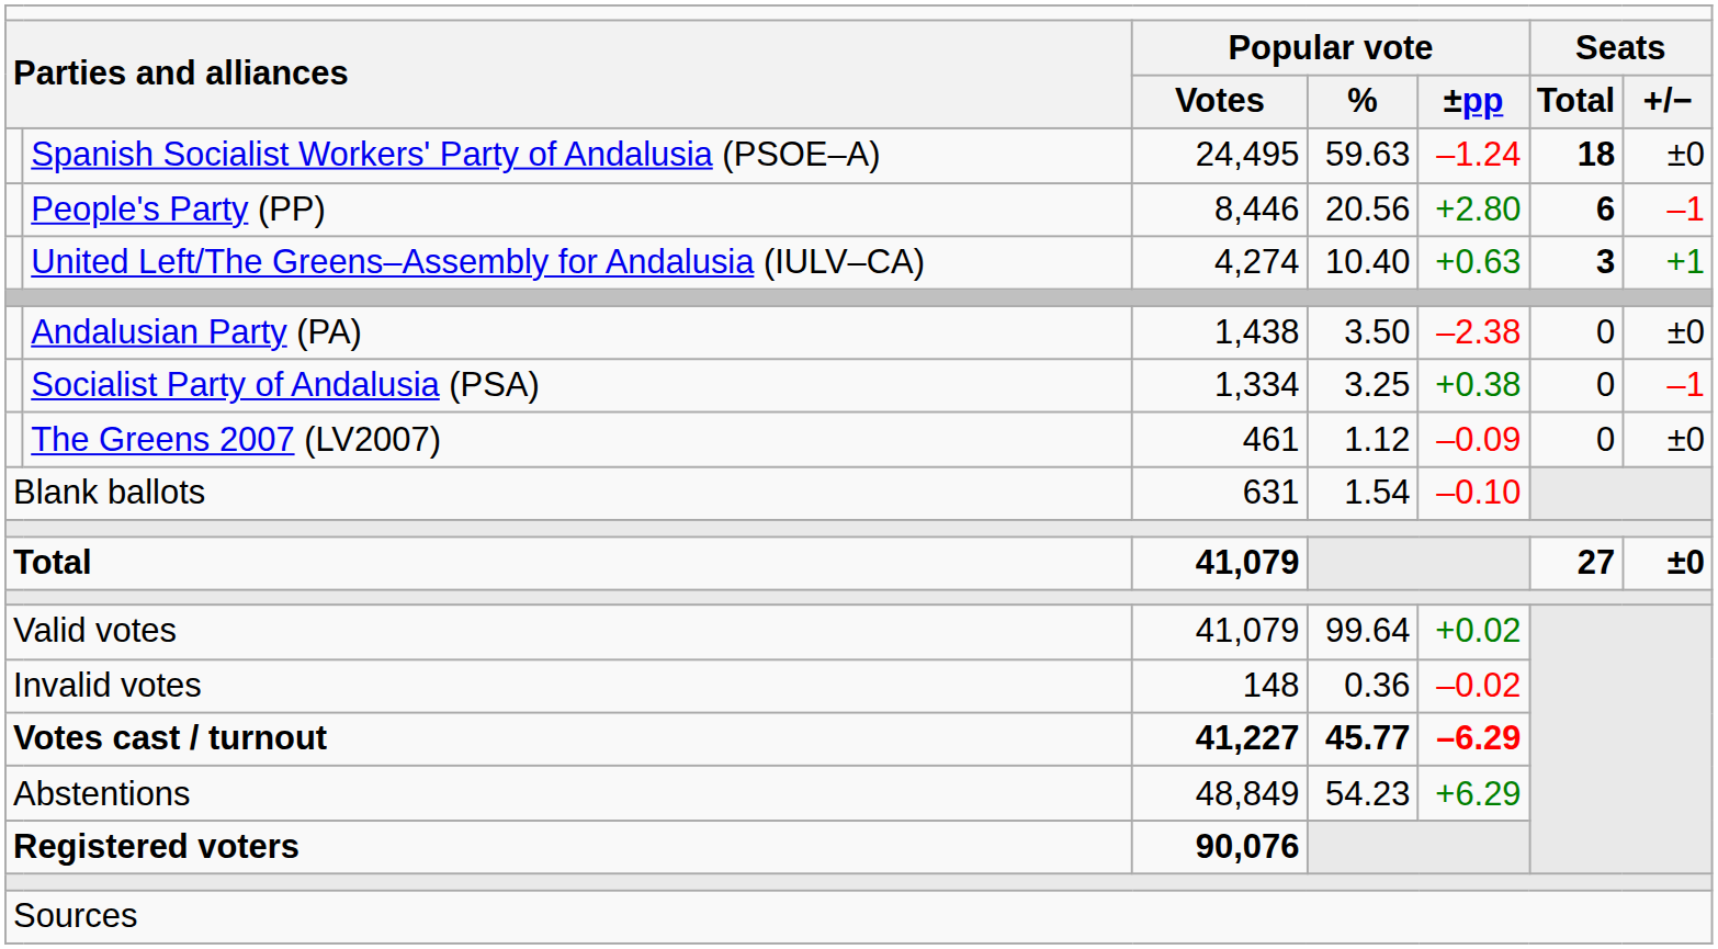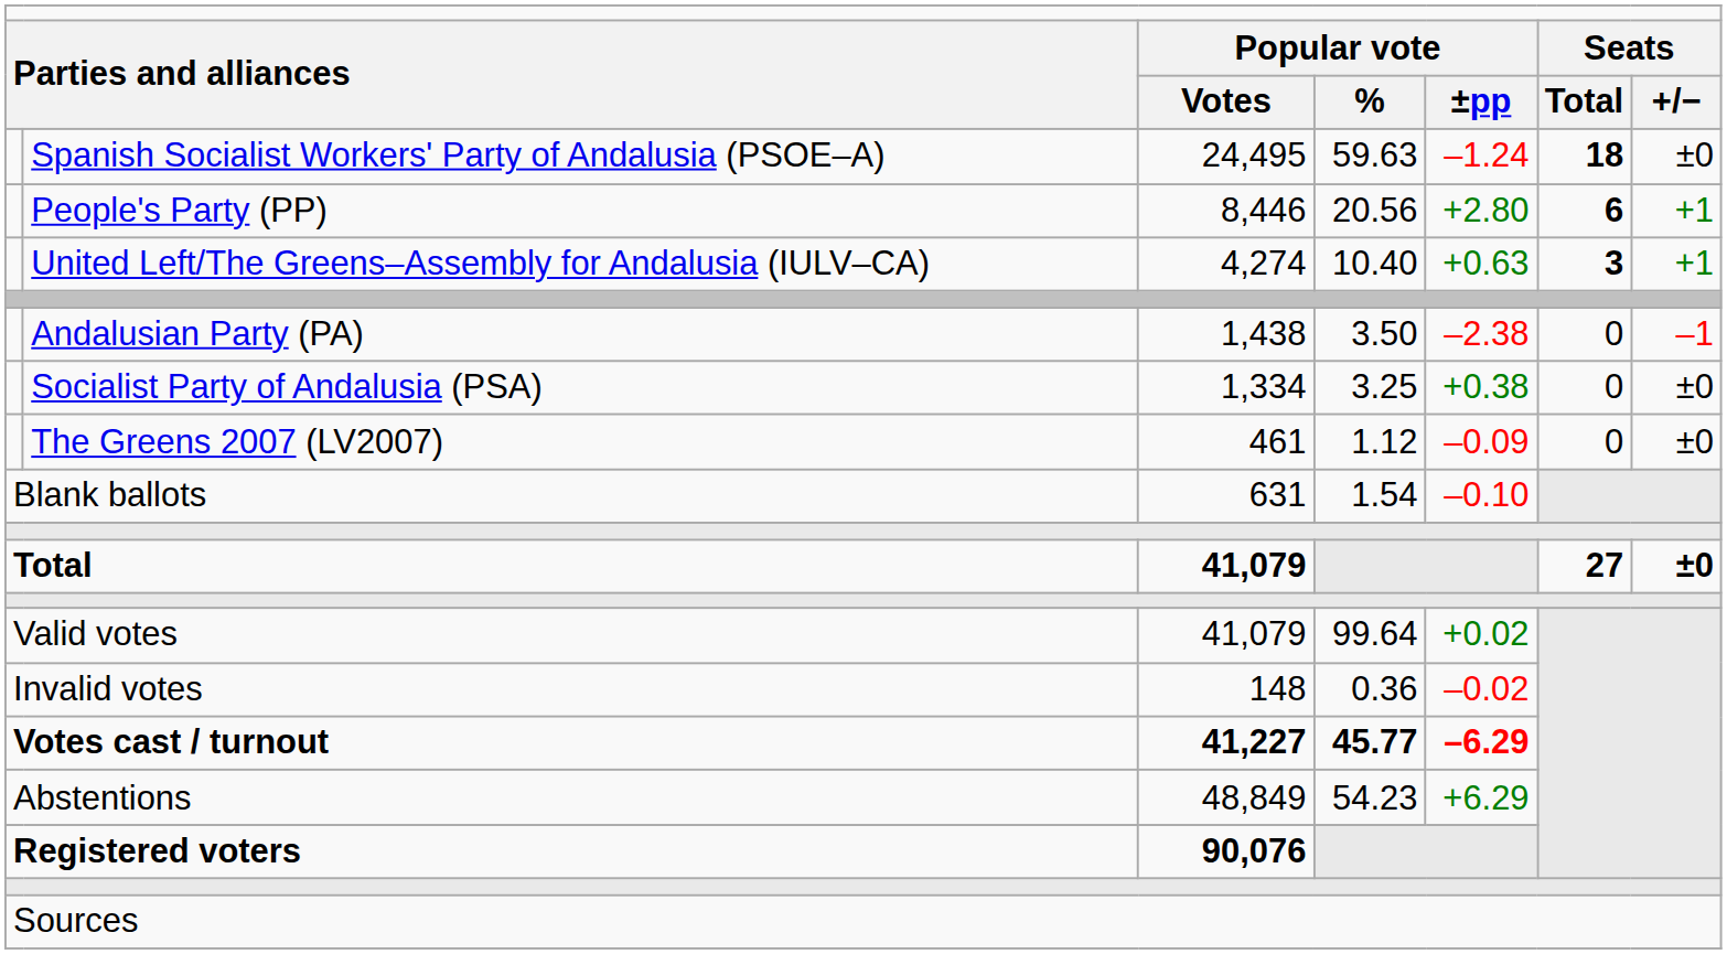 <table class="wikitable" style="text-align:right;">
 <tr>
 <td colspan="7"></td>
 </tr>
 <tr>
 <th style="text-align:left;" rowspan="2" colspan="2" width="525">Parties and alliances</th>
 <th colspan="3">Popular vote</th>
 <th colspan="2">Seats</th>
 </tr>
 <tr>
 <th width="75">Votes</th>
 <th width="45">%</th>
 <th width="45">±<a href='#'>pp</a></th>
 <th width="35">Total</th>
 <th width="35">+/−</th>
 </tr>
 <tr>
 <td width="1" style="color:inherit;background:"></td>
 <td align="left"><a href='#'>Spanish Socialist Workers' Party of Andalusia</a> (PSOE–A)</td>
 <td>24,495</td>
 <td>59.63</td>
 <td style="color:red;">–1.24</td>
 <td><strong>18</strong></td>
 <td>±0</td>
 </tr>
 <tr>
 <td style="color:inherit;background:"></td>
 <td align="left"><a href='#'>People's Party</a> (PP)</td>
 <td>8,446</td>
 <td>20.56</td>
 <td style="color:green;">+2.80</td>
 <td><strong>6</strong></td>
-<td style="color:red;">–1</td>
+<td style="color:green;">+1</td>
 </tr>
 <tr>
 <td style="color:inherit;background:"></td>
 <td align="left"><a href='#'>United Left/The Greens–Assembly for Andalusia</a> (IULV–CA)</td>
 <td>4,274</td>
 <td>10.40</td>
 <td style="color:green;">+0.63</td>
 <td><strong>3</strong></td>
 <td style="color:green;">+1</td>
 </tr>
 <tr>
 <td colspan="7" bgcolor="#C0C0C0"></td>
 </tr>
 <tr>
 <td style="color:inherit;background:"></td>
 <td align="left"><a href='#'>Andalusian Party</a> (PA)</td>
 <td>1,438</td>
 <td>3.50</td>
 <td style="color:red;">–2.38</td>
 <td>0</td>
-<td>±0</td>
+<td style="color:red;">–1</td>
 </tr>
 <tr>
 <td style="color:inherit;background:"></td>
 <td align="left"><a href='#'>Socialist Party of Andalusia</a> (PSA)</td>
 <td>1,334</td>
 <td>3.25</td>
 <td style="color:green;">+0.38</td>
 <td>0</td>
-<td style="color:red;">–1</td>
+<td>±0</td>
 </tr>
 <tr>
 <td style="color:inherit;background:"></td>
 <td align="left"><a href='#'>The Greens 2007</a> (LV2007)</td>
 <td>461</td>
 <td>1.12</td>
 <td style="color:red;">–0.09</td>
 <td>0</td>
 <td>±0</td>
 </tr>
 <tr>
 <td align="left" colspan="2">Blank ballots</td>
 <td>631</td>
 <td>1.54</td>
 <td style="color:red;">–0.10</td>
 <td bgcolor="#E9E9E9" colspan="2"></td>
 </tr>
 <tr>
 <td colspan="7" bgcolor="#E9E9E9"></td>
 </tr>
 <tr style="font-weight:bold;">
 <td align="left" colspan="2">Total</td>
 <td>41,079</td>
 <td bgcolor="#E9E9E9" colspan="2"></td>
 <td>27</td>
 <td>±0</td>
 </tr>
 <tr>
 <td colspan="7" bgcolor="#E9E9E9"></td>
 </tr>
 <tr>
 <td align="left" colspan="2">Valid votes</td>
 <td>41,079</td>
 <td>99.64</td>
 <td style="color:green;">+0.02</td>
 <td bgcolor="#E9E9E9" colspan="2" rowspan="5"></td>
 </tr>
 <tr>
 <td align="left" colspan="2">Invalid votes</td>
 <td>148</td>
 <td>0.36</td>
 <td style="color:red;">–0.02</td>
 </tr>
 <tr style="font-weight:bold;">
 <td align="left" colspan="2">Votes cast / turnout</td>
 <td>41,227</td>
 <td>45.77</td>
 <td style="color:red;">–6.29</td>
 </tr>
 <tr>
 <td align="left" colspan="2">Abstentions</td>
 <td>48,849</td>
 <td>54.23</td>
 <td style="color:green;">+6.29</td>
 </tr>
 <tr style="font-weight:bold;">
 <td align="left" colspan="2">Registered voters</td>
 <td>90,076</td>
 <td bgcolor="#E9E9E9" colspan="2"></td>
 </tr>
 <tr>
 <td colspan="7" bgcolor="#E9E9E9"></td>
 </tr>
 <tr>
 <td align="left" colspan="7">Sources</td>
 </tr>
 </table>
